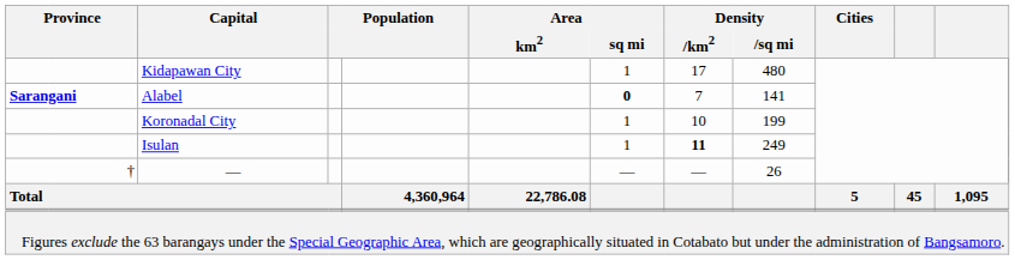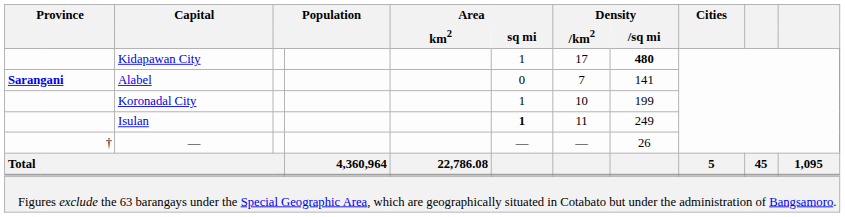 <table class="wikitable sortable" style="margin:auto;background-color:#FDFDFD;text-align:center;font-size:90%;border:1pt solid grey;">
 <tr>
 <th scope="col" style="border-bottom:none;" colspan=2 class="unsortable">Province </th>
 <th scope="col" style="border-bottom:none;" class="unsortable">Capital</th>
 <th scope="col" style="border-bottom:none;white-space:nowrap;" class="unsortable" colspan=2>Population </th>
 <th scope="col" style="border-bottom:none;" colspan=2>Area</th>
 <th scope="col" style="border-bottom:none;" colspan=2>Density</th>
 <th scope="col" style="border-bottom:none;" class="unsortable">Cities</th>
 <th scope="col" style="border-bottom:none;" class="unsortable"></th>
 <th scope="col" style="border-bottom:none;" class="unsortable"></th>
 </tr>
 <tr>
 <th scope="col" style="border-top:none;" colspan=2></th>
 <th scope="col" style="border-top:none;"></th>
 <th scope="col" style="border-top:none;" colspan=2></th>
 <th scope="col" style="border-style:none none solid solid;">km<sup>2</sup></th>
 <th scope="col" style="border-style:none solid solid none;white-space:nowrap;" class="unsortable">sq mi</th>
 <th scope="col" style="border-style:none none solid solid;">/km<sup>2</sup></th>
 <th scope="col" style="border-style:none solid solid none;white-space:nowrap;" class="unsortable">/sq mi</th>
 <th scope="col" style="border-top:none;"></th>
 <th scope="col" style="border-top:none;"></th>
 <th scope="col" style="border-top:none;"></th>
 </tr>
 <tr>
 <th scope="row" style="text-align:left;background-color:initial;" colspan=2></th>
 <td style="text-align:left;"><a href='#'>Kidapawan City</a></td>
 <td></td>
 <td></td>
 <td></td>
 <td>1</td>
 <td>17</td>
-<td>480 </td>
+<td><strong>480 </strong></td>
 </tr>
 <tr>
 <th scope="row" style="text-align:left;background-color:initial;" colspan=2><a href='#'>Sarangani</a></th>
 <td style="text-align:left;"><a href='#'>Alabel</a></td>
 <td></td>
 <td></td>
 <td></td>
-<td><strong>0</strong></td>
+<td>0</td>
 <td>7</td>
 <td>141</td>
 </tr>
 <tr>
 <th scope="row" style="text-align:left;background-color:initial;" colspan=2></th>
 <td style="text-align:left;"><a href='#'>Koronadal City</a></td>
 <td></td>
 <td></td>
 <td></td>
 <td>1 </td>
 <td>10</td>
 <td>199</td>
 </tr>
 <tr>
 <th scope="row" style="text-align:left;background-color:initial;" colspan=2></th>
 <td style="text-align:left;"><a href='#'>Isulan</a></td>
 <td></td>
 <td></td>
 <td></td>
-<td>1</td>
-<td><strong>11</strong></td>
+<td><strong>1</strong></td>
+<td>11</td>
 <td>249</td>
 </tr>
 <tr>
 <th scope="row" style="text-align:left;background-color:initial;border-right:0;font-weight:normal;font-style:italic;"></th>
 <td style="text-align:right;border-left:0;">†</td>
 <td>—</td>
 <td></td>
 <td></td>
 <td></td>
 <td>—</td>
 <td>—</td>
 <td>26</td>
 </tr>
 <tr class="sortbottom">
 <th scope="row" colspan=4 style="text-align:left;">Total</th>
 <th scope="col" style="text-align:right;">4,360,964</th>
 <th scope="col" style="text-align:right;">22,786.08</th>
 <th scope="col" style="text-align:right;"></th>
 <th scope="col" style="text-align:right;"></th>
 <th scope="col" style="text-align:right;"></th>
 <th scope="col">5</th>
 <th scope="col">45</th>
 <th scope="col">1,095 </th>
 </tr>
 <tr class="sortbottom" style="text-align:left;background-color:#F2F2F2;border-top:double grey;">
 <td colspan=12 style="padding-left:1em;"><br>Figures <em>exclude</em> the 63 barangays under the <a href='#'>Special Geographic Area</a>, which are geographically situated in Cotabato but under the administration of <a href='#'>Bangsamoro</a>.</td>
 </tr>
 </table>
